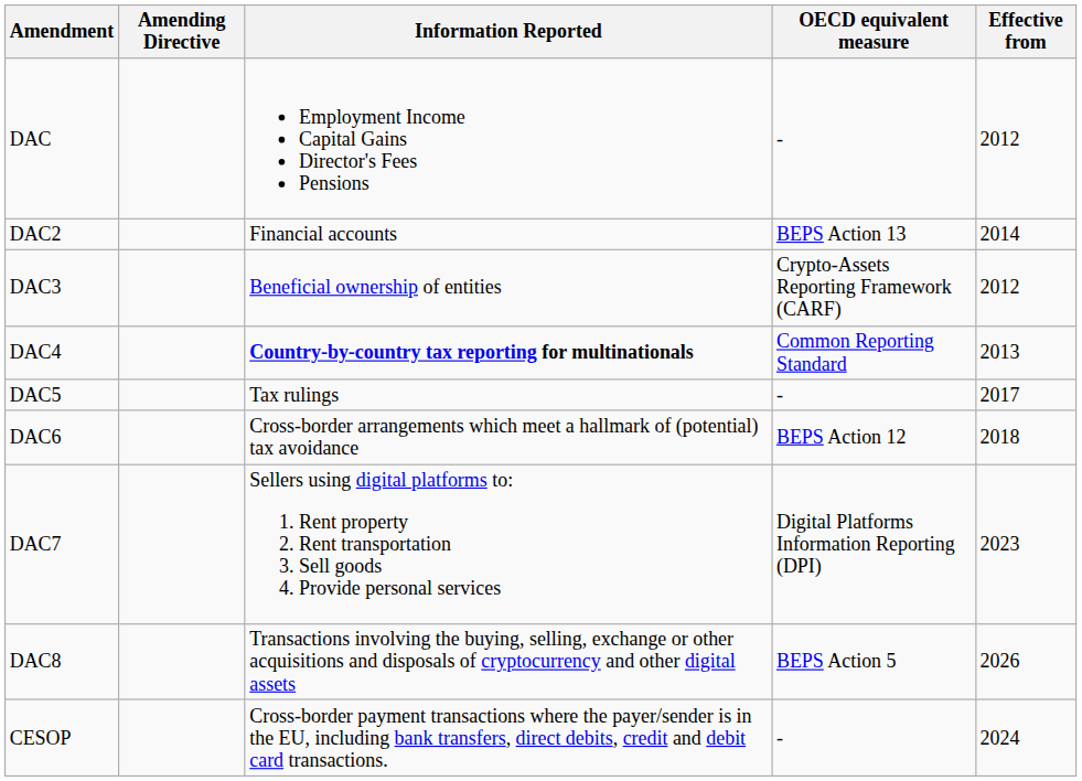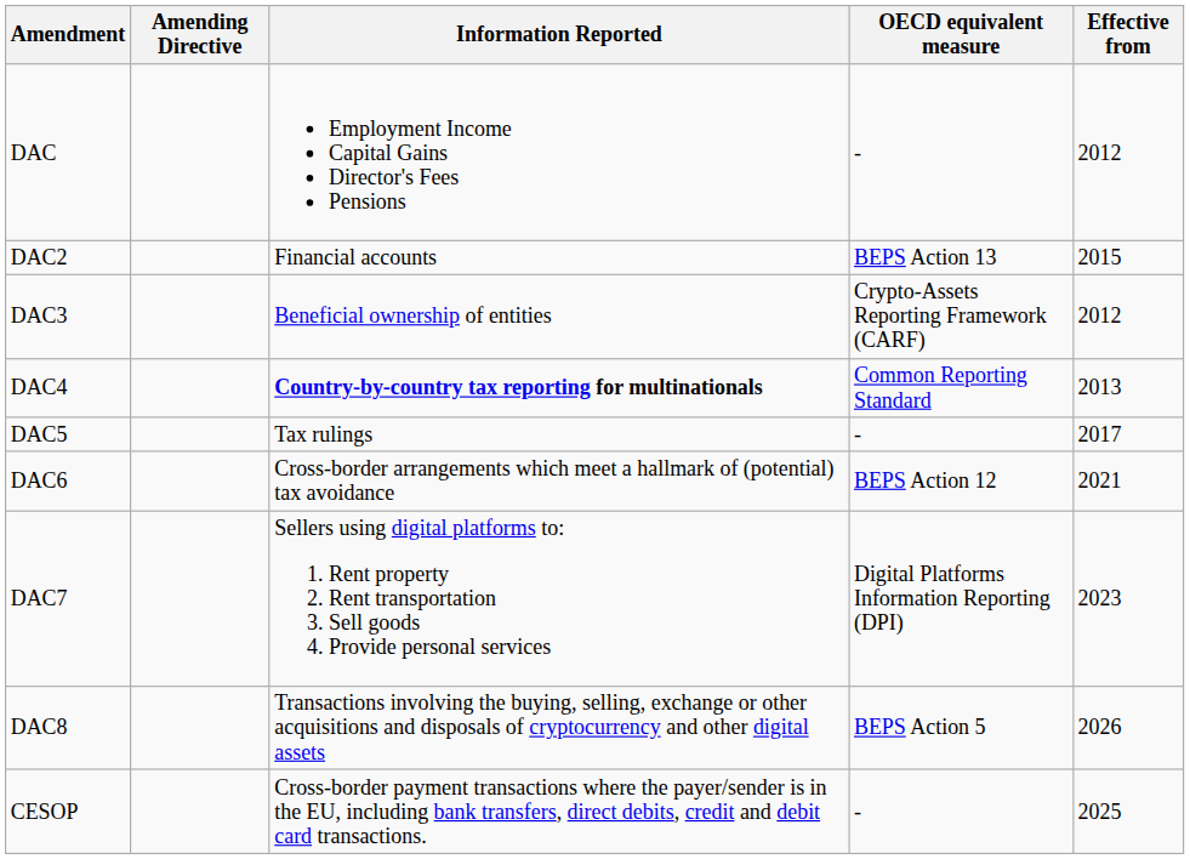 <table class="wikitable">
 <tr>
 <th>Amendment</th>
 <th>Amending Directive</th>
 <th>Information Reported</th>
 <th>OECD equivalent measure</th>
 <th>Effective from</th>
 </tr>
 <tr>
 <td>DAC</td>
 <td></td>
 <td><br><ul><li>Employment Income</li><li>Capital Gains</li><li>Director's Fees</li><li>Pensions</li></ul></td>
 <td>-</td>
 <td>2012</td>
 </tr>
 <tr>
 <td>DAC2</td>
 <td></td>
 <td>Financial accounts</td>
 <td><a href='#'>BEPS</a> Action 13</td>
-<td>2014</td>
+<td>2015</td>
 </tr>
 <tr>
 <td>DAC3</td>
 <td></td>
 <td><a href='#'>Beneficial ownership</a> of entities</td>
 <td>Crypto-Assets Reporting Framework (CARF)</td>
 <td>2012</td>
 </tr>
 <tr>
 <td>DAC4</td>
 <td></td>
 <td><strong><a href='#'>Country-by-country tax reporting</a> for multinationals</strong></td>
 <td><a href='#'>Common Reporting Standard</a></td>
 <td>2013</td>
 </tr>
 <tr>
 <td>DAC5</td>
 <td></td>
 <td>Tax rulings</td>
 <td>-</td>
 <td>2017</td>
 </tr>
 <tr>
 <td>DAC6</td>
 <td></td>
 <td>Cross-border arrangements which meet a hallmark of (potential) tax avoidance</td>
 <td><a href='#'>BEPS</a> Action 12</td>
-<td>2018</td>
+<td>2021</td>
 </tr>
 <tr>
 <td>DAC7</td>
 <td></td>
 <td>Sellers using <a href='#'>digital platforms</a> to:<br><ol><li>Rent property</li><li>Rent transportation</li><li>Sell goods</li><li>Provide personal services</li></ol></td>
 <td>Digital Platforms Information Reporting (DPI)</td>
 <td>2023</td>
 </tr>
 <tr>
 <td>DAC8</td>
 <td></td>
 <td>Transactions involving the buying, selling, exchange or other acquisitions and disposals of <a href='#'>cryptocurrency</a> and other <a href='#'>digital assets</a></td>
 <td><a href='#'>BEPS</a> Action 5</td>
 <td>2026</td>
 </tr>
 <tr>
 <td>CESOP</td>
 <td></td>
 <td>Cross-border payment transactions where the payer/sender is in the EU, including <a href='#'>bank transfers</a>, <a href='#'>direct debits</a>, <a href='#'>credit</a> and <a href='#'>debit card</a> transactions.</td>
 <td>-</td>
-<td>2024</td>
+<td>2025</td>
 </tr>
 </table>
